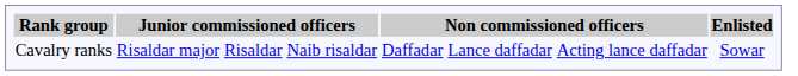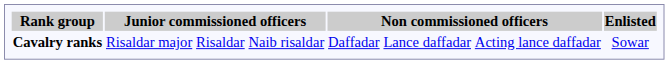 <table style="border:1px solid #8888aa; background-color:#f7f8ff; padding:5px; font-size:95%; margin: 0px 12px 12px 0px;">
 <tr style="background:#ccc;">
 <th>Rank group</th>
 <th colspan=10>Junior commissioned officers</th>
 <th colspan=18>Non commissioned officers</th>
 <th colspan=8>Enlisted<br></th>
 </tr>
 <tr style="text-align:center;">
-<td>Cavalry ranks</td>
+<td><strong>Cavalry ranks</strong></td>
 <td colspan=6><a href='#'>Risaldar major</a><br></td>
 <td colspan=2><a href='#'>Risaldar</a><br></td>
 <td colspan=2><a href='#'>Naib risaldar</a><br></td>
 <td colspan=12><a href='#'>Daffadar</a><br></td>
 <td colspan=4><a href='#'>Lance daffadar</a><br></td>
 <td colspan=2><a href='#'>Acting lance daffadar</a><br></td>
 <td colspan=8><a href='#'>Sowar</a><br></td>
 </tr>
 </table>
